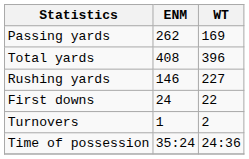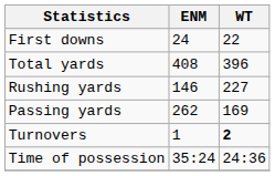 <table class="wikitable">
 <tr>
 <th>Statistics</th>
 <th>ENM</th>
 <th>WT</th>
 </tr>
 <tr>
-<td>Passing yards</td>
-<td>262</td>
-<td>169</td>
+<td>First downs</td>
+<td>24</td>
+<td>22</td>
 </tr>
 <tr>
 <td>Total yards</td>
 <td>408</td>
 <td>396</td>
 </tr>
 <tr>
 <td>Rushing yards</td>
 <td>146</td>
 <td>227</td>
 </tr>
 <tr>
-<td>First downs</td>
-<td>24</td>
-<td>22</td>
+<td>Passing yards</td>
+<td>262</td>
+<td>169</td>
 </tr>
 <tr>
 <td>Turnovers</td>
 <td>1</td>
-<td>2</td>
+<td><strong>2</strong></td>
 </tr>
 <tr>
 <td>Time of possession</td>
 <td>35:24</td>
 <td>24:36</td>
 </tr>
 <tr>
 </tr>
 </table>
